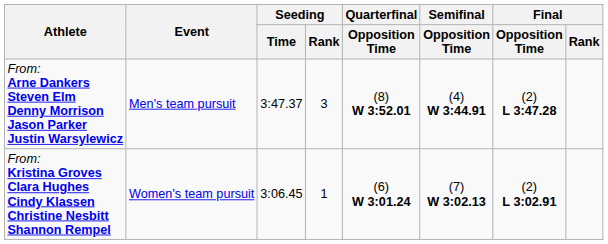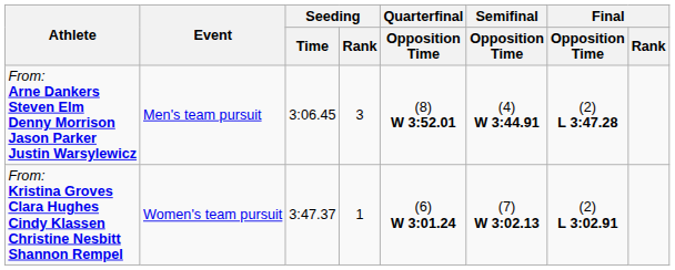 <table class="wikitable" style="font-size:90%">
 <tr>
 <th rowspan="2">Athlete</th>
 <th rowspan="2">Event</th>
 <th colspan="2">Seeding</th>
 <th>Quarterfinal</th>
 <th>Semifinal</th>
 <th colspan="2">Final</th>
 </tr>
 <tr>
 <th>Time</th>
 <th>Rank</th>
 <th>Opposition <br> Time</th>
 <th>Opposition <br> Time</th>
 <th>Opposition <br> Time</th>
 <th>Rank</th>
 </tr>
 <tr>
 <td><em>From:</em> <br> <strong><a href='#'>Arne Dankers</a><br><a href='#'>Steven Elm</a><br><a href='#'>Denny Morrison</a><br><a href='#'>Jason Parker</a><br><a href='#'>Justin Warsylewicz</a></strong></td>
 <td><a href='#'>Men's team pursuit</a></td>
-<td style="text-align:center;">3:47.37</td>
+<td style="text-align:center;">3:06.45</td>
 <td style="text-align:center;">3 </td>
 <td style="text-align:center;"> (8)<br><strong>W</strong> <strong>3:52.01</strong></td>
 <td style="text-align:center;"> (4)<br><strong>W</strong> <strong>3:44.91</strong></td>
 <td style="text-align:center;"> (2)<br><strong>L</strong> <strong>3:47.28</strong></td>
 <td style="text-align:center;"></td>
 </tr>
 <tr>
 <td><em>From:</em> <br> <strong><a href='#'>Kristina Groves</a><br><a href='#'>Clara Hughes</a><br><a href='#'>Cindy Klassen</a><br><a href='#'>Christine Nesbitt</a><br><a href='#'>Shannon Rempel</a></strong></td>
 <td><a href='#'>Women's team pursuit</a></td>
-<td style="text-align:center;">3:06.45</td>
+<td style="text-align:center;">3:47.37</td>
 <td style="text-align:center;">1</td>
 <td style="text-align:center;"> (6)<br><strong>W</strong> <strong>3:01.24</strong></td>
 <td style="text-align:center;"> (7)<br><strong>W</strong> <strong>3:02.13</strong></td>
 <td style="text-align:center;"> (2)<br><strong>L</strong> <strong>3:02.91</strong></td>
 <td style="text-align:center;"></td>
 </tr>
 </table>
